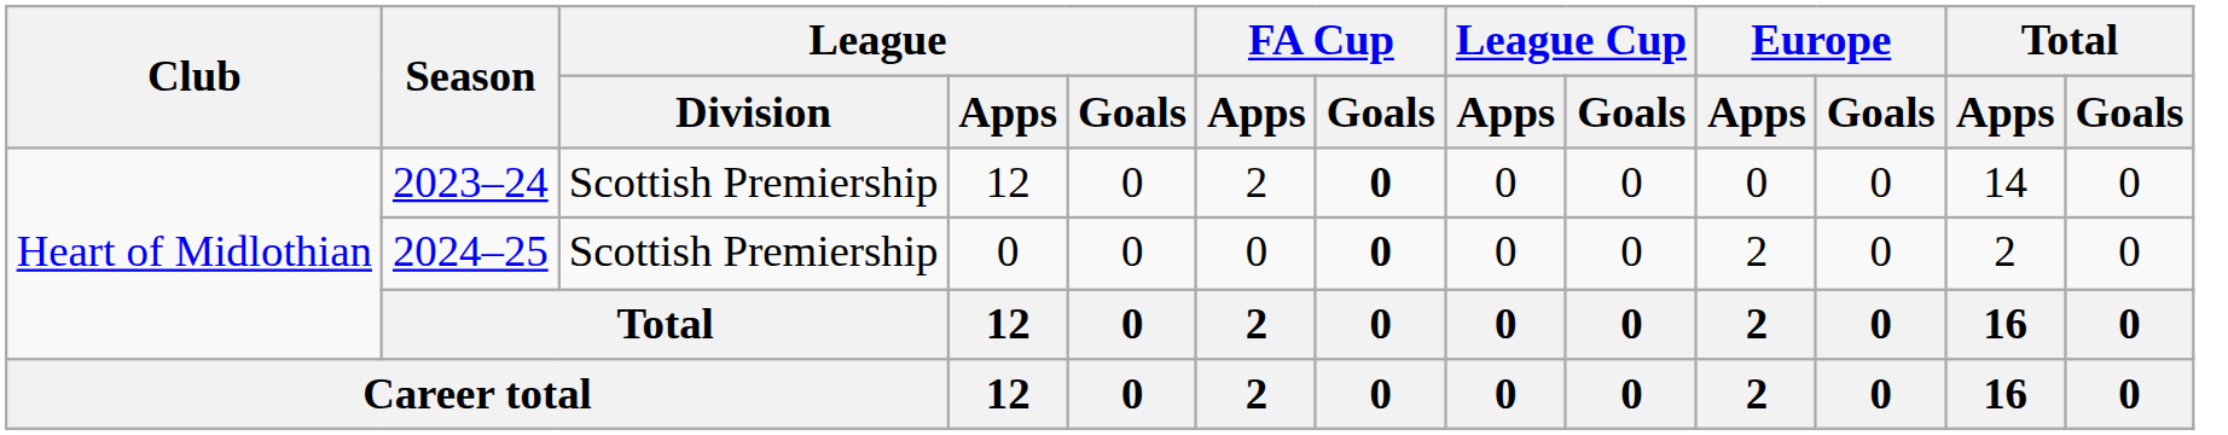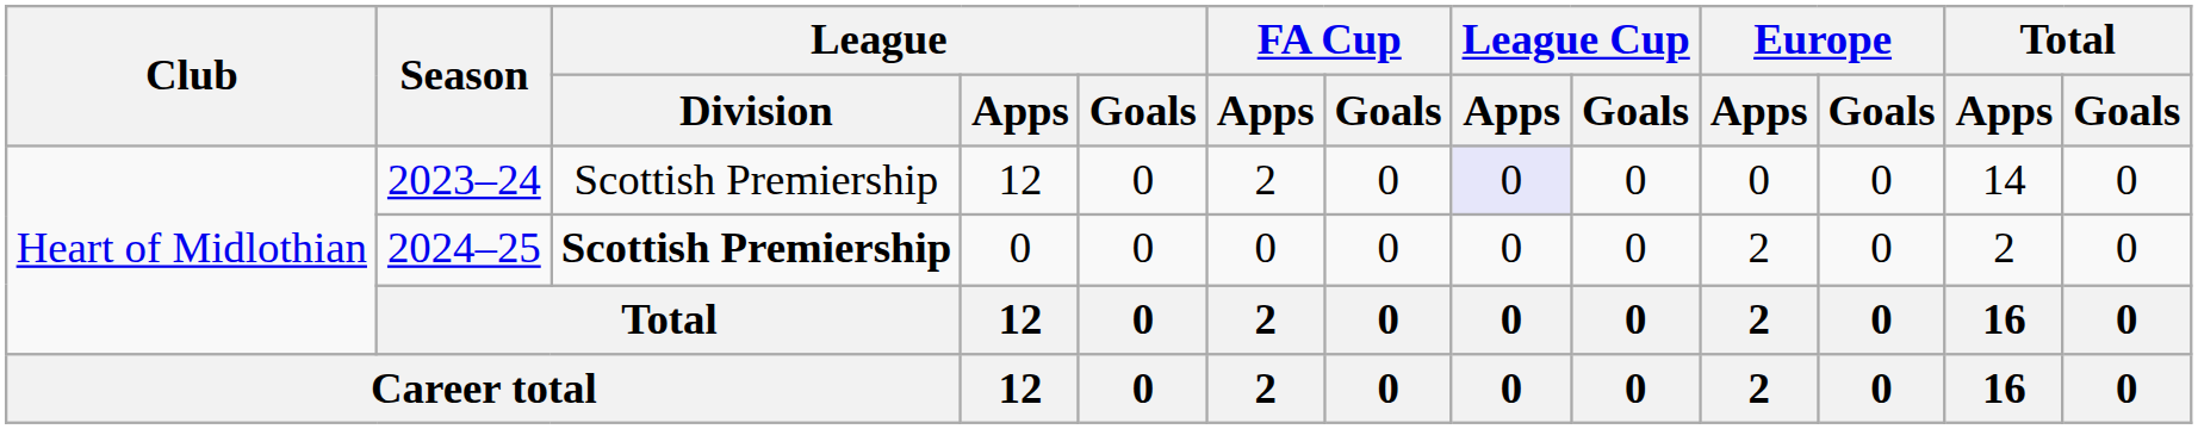 <table class="wikitable" style="text-align: center">
 <tr>
 <th rowspan="2">Club</th>
 <th rowspan="2">Season</th>
 <th colspan="3">League</th>
 <th colspan="2"><a href='#'>FA Cup</a></th>
 <th colspan="2"><a href='#'>League Cup</a></th>
 <th colspan="2"><a href='#'>Europe</a></th>
 <th colspan="2">Total</th>
 </tr>
 <tr>
 <th>Division</th>
 <th>Apps</th>
 <th>Goals</th>
 <th>Apps</th>
 <th>Goals</th>
 <th>Apps</th>
 <th>Goals</th>
 <th>Apps</th>
 <th>Goals</th>
 <th>Apps</th>
 <th>Goals</th>
 </tr>
 <tr>
 <td rowspan="3"><a href='#'>Heart of Midlothian</a></td>
 <td><a href='#'>2023–24</a></td>
 <td>Scottish Premiership</td>
 <td>12</td>
 <td>0</td>
 <td>2</td>
-<td><strong>0</strong></td>
 <td>0</td>
+<td style="background: lavender;">0</td>
 <td>0</td>
 <td>0</td>
 <td>0</td>
 <td>14</td>
 <td>0</td>
 </tr>
 <tr>
 <td><a href='#'>2024–25</a></td>
-<td>Scottish Premiership</td>
+<td><strong>Scottish Premiership</strong></td>
 <td>0</td>
 <td>0</td>
 <td>0</td>
-<td><strong>0</strong></td>
+<td>0</td>
 <td>0</td>
 <td>0</td>
 <td>2</td>
 <td>0</td>
 <td>2</td>
 <td>0</td>
 </tr>
 <tr>
 <th colspan="2">Total</th>
 <th>12</th>
 <th>0</th>
 <th>2</th>
 <th>0</th>
 <th>0</th>
 <th>0</th>
 <th>2</th>
 <th>0</th>
 <th>16</th>
 <th>0</th>
 </tr>
 <tr>
 <th colspan="3">Career total</th>
 <th>12</th>
 <th>0</th>
 <th>2</th>
 <th>0</th>
 <th>0</th>
 <th>0</th>
 <th>2</th>
 <th>0</th>
 <th>16</th>
 <th>0</th>
 </tr>
 </table>
